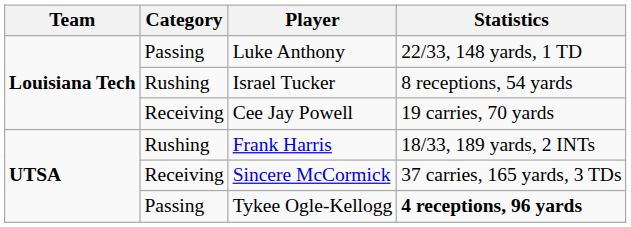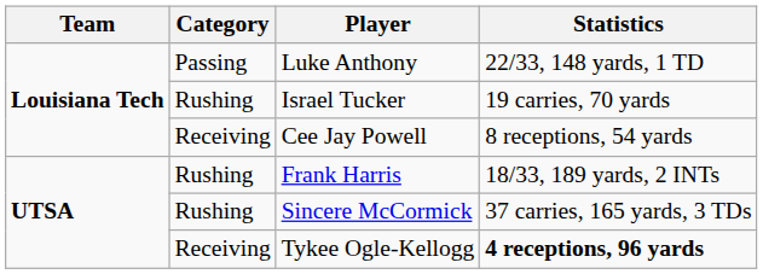 <table class="wikitable" style="float: left;">
 <tr>
 <th>Team</th>
 <th>Category</th>
 <th>Player</th>
 <th>Statistics</th>
 </tr>
 <tr>
 <td rowspan=3><strong>Louisiana Tech</strong></td>
 <td>Passing</td>
 <td>Luke Anthony</td>
 <td>22/33, 148 yards, 1 TD</td>
 </tr>
 <tr>
 <td>Rushing</td>
 <td>Israel Tucker</td>
-<td>8 receptions, 54 yards</td>
+<td>19 carries, 70 yards</td>
 </tr>
 <tr>
 <td>Receiving</td>
 <td>Cee Jay Powell</td>
-<td>19 carries, 70 yards</td>
+<td>8 receptions, 54 yards</td>
 </tr>
 <tr>
 <td rowspan=3><strong>UTSA</strong></td>
 <td>Rushing</td>
 <td><a href='#'>Frank Harris</a></td>
 <td>18/33, 189 yards, 2 INTs</td>
 </tr>
 <tr>
-<td>Receiving</td>
+<td>Rushing</td>
 <td><a href='#'>Sincere McCormick</a></td>
 <td>37 carries, 165 yards, 3 TDs</td>
 </tr>
 <tr>
-<td>Passing</td>
+<td>Receiving</td>
 <td>Tykee Ogle-Kellogg</td>
 <td><strong>4 receptions, 96 yards</strong></td>
 </tr>
 </table>
